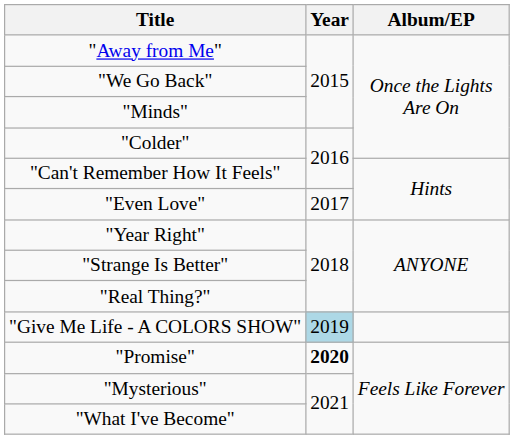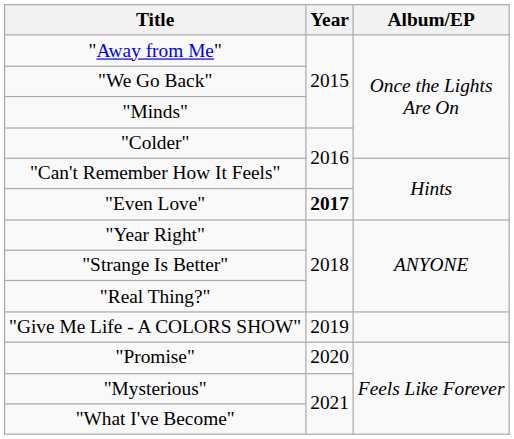 <table class="wikitable plainrowheaders" style="text-align:center;">
 <tr>
 <th>Title</th>
 <th scope="col">Year</th>
 <th>Album/EP</th>
 </tr>
 <tr>
 <td>"<a href='#'>Away from Me</a>"</td>
 <td rowspan="3">2015</td>
 <td rowspan="4"><em>Once the Lights</em><br><em>Are On</em></td>
 </tr>
 <tr>
 <td>"We Go Back"</td>
 </tr>
 <tr>
 <td>"Minds"</td>
 </tr>
 <tr>
 <td>"Colder"</td>
 <td rowspan="2">2016</td>
 </tr>
 <tr>
 <td>"Can't Remember How It Feels"</td>
 <td rowspan="2"><em>Hints</em></td>
 </tr>
 <tr>
 <td>"Even Love"</td>
-<td>2017</td>
+<td><strong>2017</strong></td>
 </tr>
 <tr>
 <td>"Year Right"</td>
 <td rowspan="3">2018</td>
 <td rowspan="3"><em>ANYONE</em></td>
 </tr>
 <tr>
 <td>"Strange Is Better"</td>
 </tr>
 <tr>
 <td>"Real Thing?"</td>
 </tr>
 <tr>
 <td>"Give Me Life - A COLORS SHOW"</td>
-<td style="background: lightblue;">2019</td>
+<td>2019</td>
 <td></td>
 </tr>
 <tr>
 <td>"Promise"</td>
-<td><strong>2020</strong></td>
+<td>2020</td>
 <td rowspan="3"><em>Feels Like Forever</em></td>
 </tr>
 <tr>
 <td>"Mysterious"</td>
 <td rowspan="2">2021</td>
 </tr>
 <tr>
 <td>"What I've Become"</td>
 </tr>
 </table>
